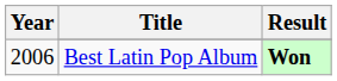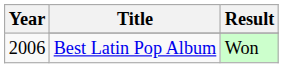 <table class="wikitable">
 <tr>
 <th>Year</th>
 <th>Title</th>
 <th>Result</th>
 </tr>
 <tr>
 <td rowspan="4">2006</td>
 </tr>
 <tr>
 <td><a href='#'>Best Latin Pop Album</a></td>
-<td style="background:#cfc;"><strong>Won</strong></td>
+<td style="background:#cfc;">Won</td>
 </tr>
 </table>
